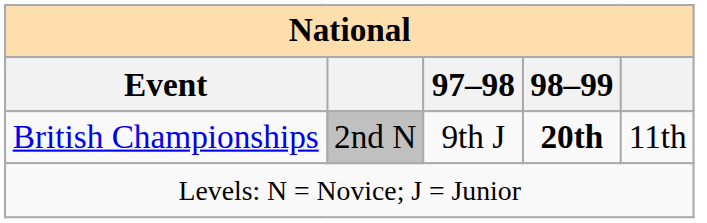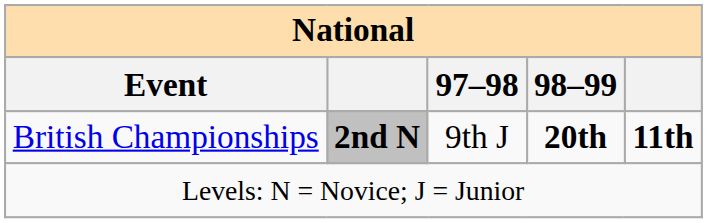 <table class="wikitable" style="text-align:center">
 <tr>
 <th style="background-color: #ffdead; " colspan=5 align=center>National</th>
 </tr>
 <tr>
 <th>Event</th>
 <th></th>
 <th>97–98</th>
 <th>98–99</th>
 <th></th>
 </tr>
 <tr>
 <td align=left><a href='#'>British Championships</a></td>
-<td bgcolor=silver>2nd N</td>
+<td bgcolor=silver><strong>2nd N</strong></td>
 <td>9th J</td>
 <td><strong>20th</strong></td>
-<td>11th</td>
+<td><strong>11th</strong></td>
 </tr>
 <tr>
 <td colspan=5 align=center><small> Levels: N = Novice; J = Junior </small></td>
 </tr>
 </table>
